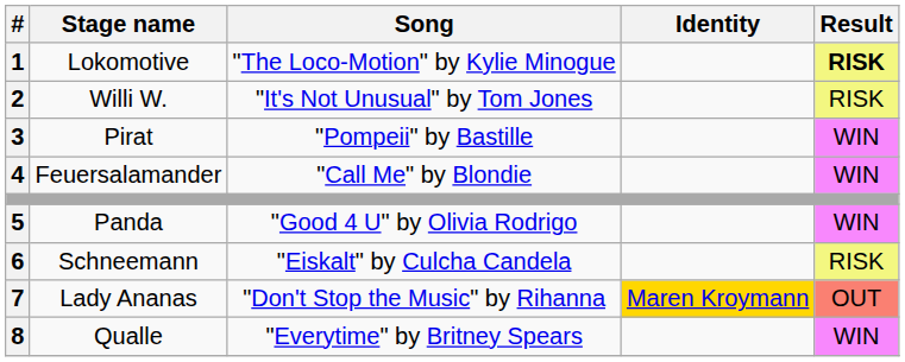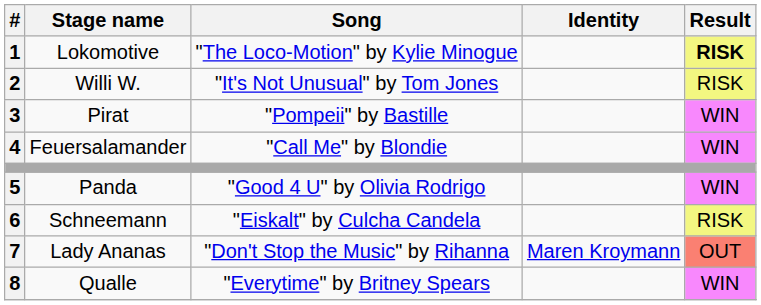 <table class="wikitable plainrowheaders" style="text-align: center;">
 <tr>
 <th>#</th>
 <th>Stage name</th>
 <th>Song</th>
 <th>Identity</th>
 <th>Result</th>
 </tr>
 <tr>
 <th>1</th>
 <td>Lokomotive</td>
 <td>"<a href='#'>The Loco-Motion</a>" by <a href='#'>Kylie Minogue</a></td>
 <td></td>
 <td bgcolor="F3F781"><strong>RISK</strong></td>
 </tr>
 <tr>
 <th>2</th>
 <td>Willi W.</td>
 <td>"<a href='#'>It's Not Unusual</a>" by <a href='#'>Tom Jones</a></td>
 <td></td>
 <td bgcolor="F3F781">RISK</td>
 </tr>
 <tr>
 <th>3</th>
 <td>Pirat</td>
 <td>"<a href='#'>Pompeii</a>" by <a href='#'>Bastille</a></td>
 <td></td>
 <td bgcolor="F888FD">WIN</td>
 </tr>
 <tr>
 <th>4</th>
 <td>Feuersalamander</td>
 <td>"<a href='#'>Call Me</a>" by <a href='#'>Blondie</a></td>
 <td></td>
 <td bgcolor="F888FD">WIN</td>
 </tr>
 <tr>
 <td colspan="5" style="background:darkgray"></td>
 </tr>
 <tr>
 <th>5</th>
 <td>Panda</td>
 <td>"<a href='#'>Good 4 U</a>" by <a href='#'>Olivia Rodrigo</a></td>
 <td></td>
 <td bgcolor="F888FD">WIN</td>
 </tr>
 <tr>
 <th>6</th>
 <td>Schneemann</td>
 <td>"<a href='#'>Eiskalt</a>" by <a href='#'>Culcha Candela</a></td>
 <td></td>
 <td bgcolor="F3F781">RISK</td>
 </tr>
 <tr>
 <th>7</th>
 <td>Lady Ananas</td>
 <td>"<a href='#'>Don't Stop the Music</a>" by <a href='#'>Rihanna</a></td>
-<td style="background: gold;"><a href='#'>Maren Kroymann</a></td>
+<td><a href='#'>Maren Kroymann</a></td>
 <td bgcolor=salmon>OUT</td>
 </tr>
 <tr>
 <th>8</th>
 <td>Qualle</td>
 <td>"<a href='#'>Everytime</a>" by <a href='#'>Britney Spears</a></td>
 <td></td>
 <td bgcolor="F888FD">WIN</td>
 </tr>
 <tr>
 </tr>
 </table>
